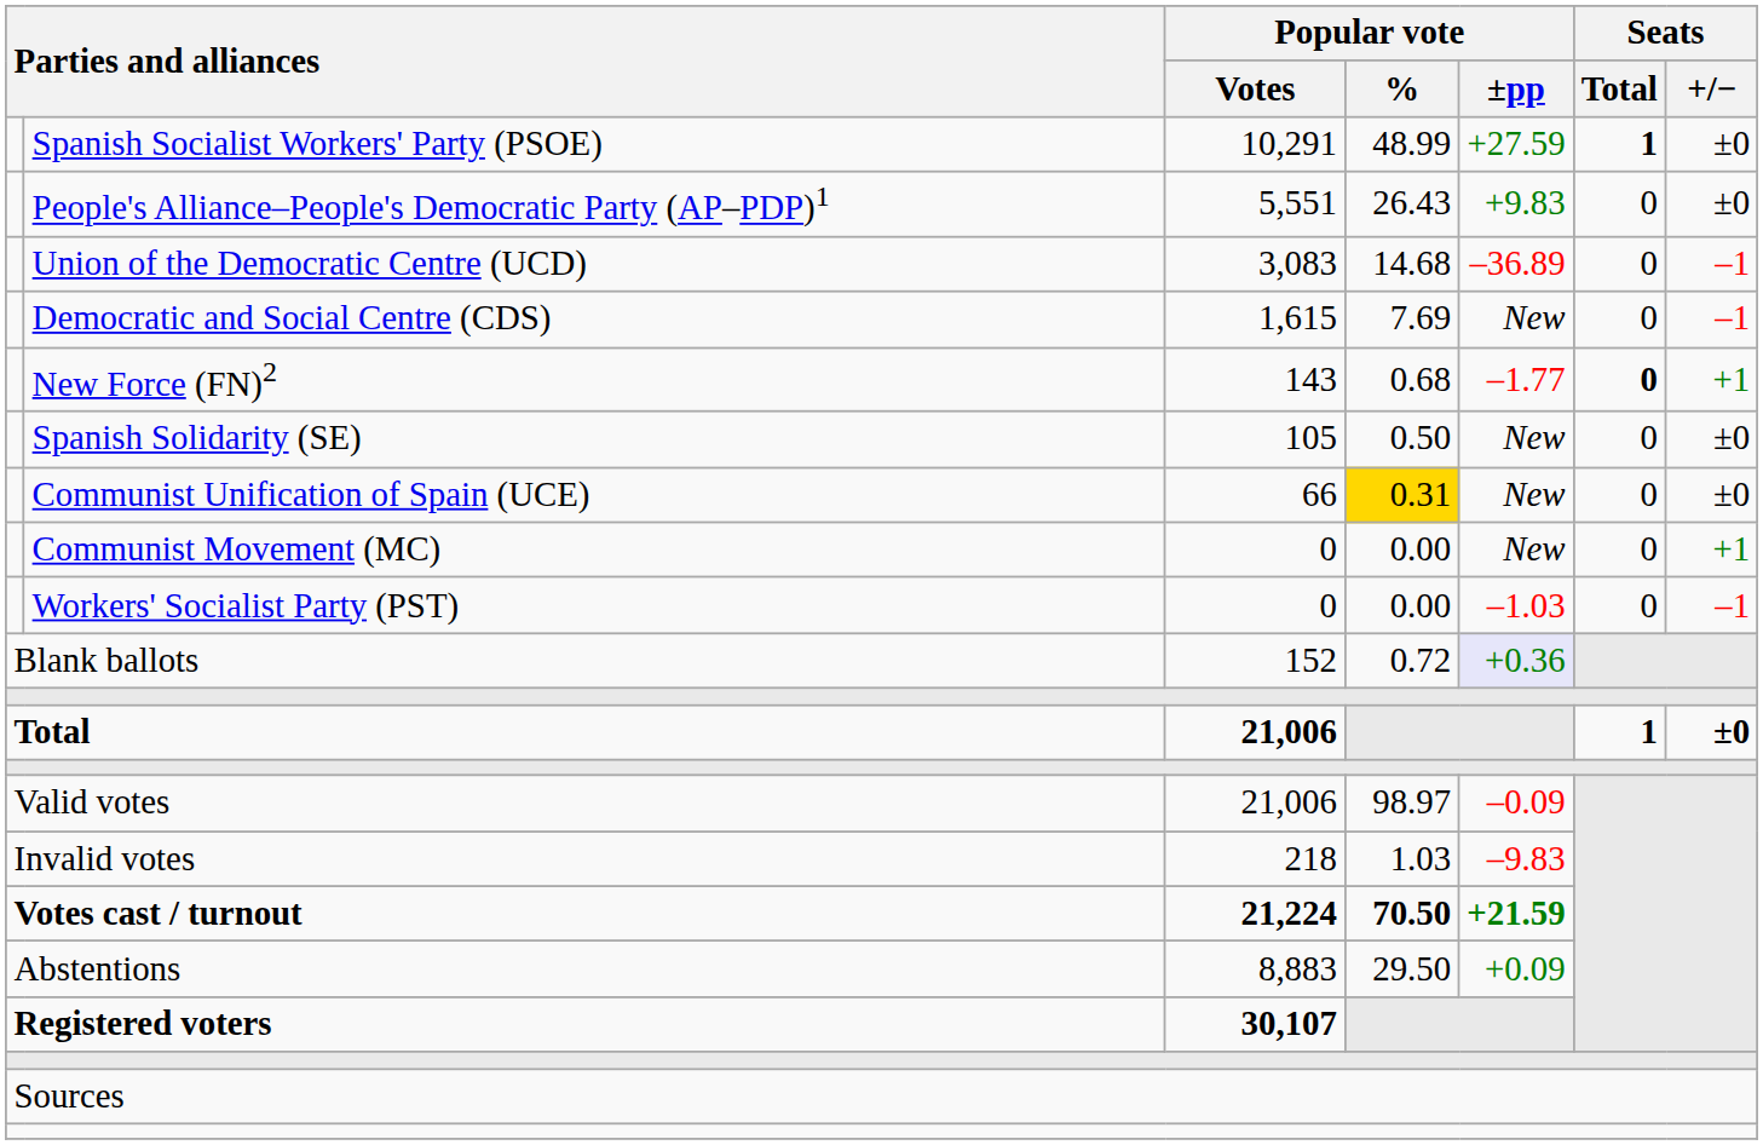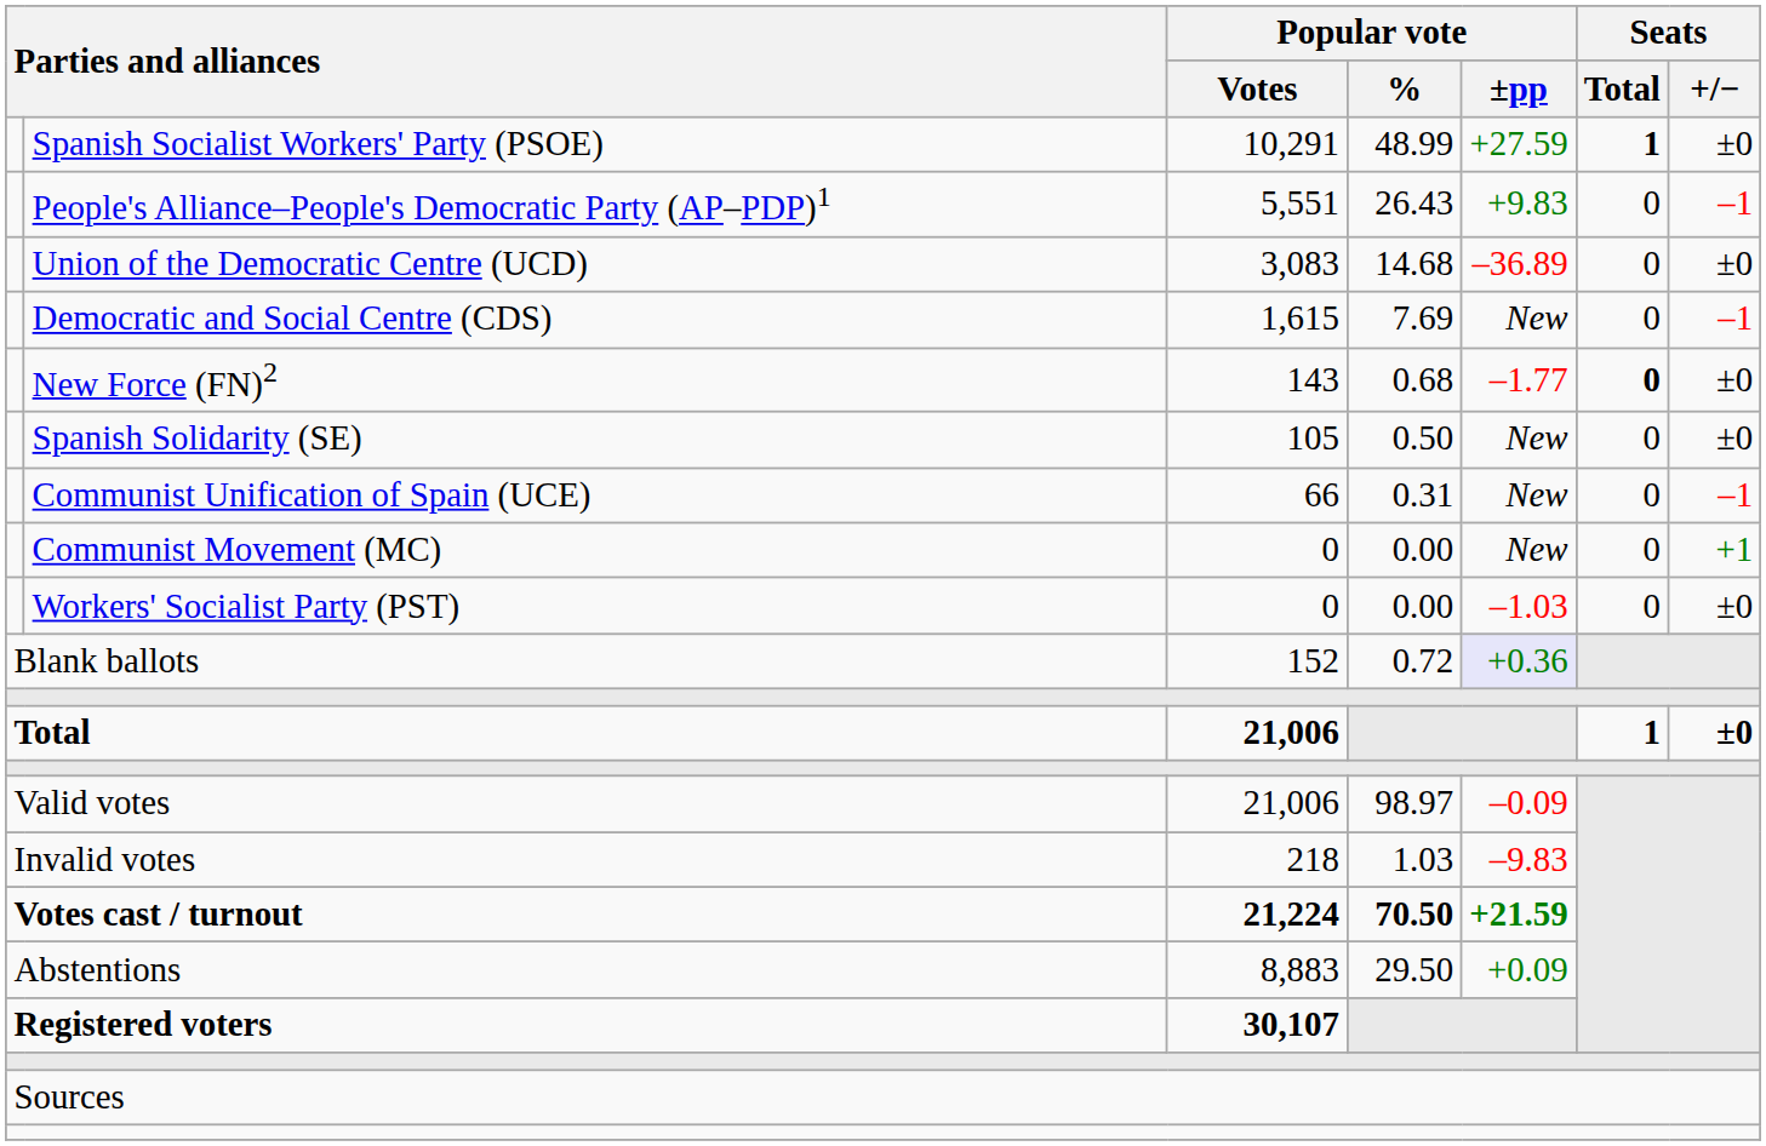 <table class="wikitable" style="text-align:right;">
 <tr>
 <th style="text-align:left;" rowspan="2" colspan="2" width="525">Parties and alliances</th>
 <th colspan="3">Popular vote</th>
 <th colspan="2">Seats</th>
 </tr>
 <tr>
 <th width="75">Votes</th>
 <th width="45">%</th>
 <th width="45">±<a href='#'>pp</a></th>
 <th width="35">Total</th>
 <th width="35">+/−</th>
 </tr>
 <tr>
 <td width="1" style="color:inherit;background:"></td>
 <td align="left"><a href='#'>Spanish Socialist Workers' Party</a> (PSOE)</td>
 <td>10,291</td>
 <td>48.99</td>
 <td style="color:green;">+27.59</td>
 <td><strong>1</strong></td>
 <td>±0</td>
 </tr>
 <tr>
 <td style="color:inherit;background:"></td>
 <td align="left"><a href='#'>People's Alliance–People's Democratic Party</a> (<a href='#'>AP</a>–<a href='#'>PDP</a>)<sup>1</sup></td>
 <td>5,551</td>
 <td>26.43</td>
 <td style="color:green;">+9.83</td>
 <td>0</td>
-<td>±0</td>
+<td style="color:red;">–1</td>
 </tr>
 <tr>
 <td style="color:inherit;background:"></td>
 <td align="left"><a href='#'>Union of the Democratic Centre</a> (UCD)</td>
 <td>3,083</td>
 <td>14.68</td>
 <td style="color:red;">–36.89</td>
 <td>0</td>
-<td style="color:red;">–1</td>
+<td>±0</td>
 </tr>
 <tr>
 <td style="color:inherit;background:"></td>
 <td align="left"><a href='#'>Democratic and Social Centre</a> (CDS)</td>
 <td>1,615</td>
 <td>7.69</td>
 <td><em>New</em></td>
 <td>0</td>
 <td style="color:red;">–1</td>
 </tr>
 <tr>
 <td style="color:inherit;background:"></td>
 <td align="left"><a href='#'>New Force</a> (FN)<sup>2</sup></td>
 <td>143</td>
 <td>0.68</td>
 <td style="color:red;">–1.77</td>
 <td><strong>0</strong></td>
-<td style="color:green;">+1</td>
+<td>±0</td>
 </tr>
 <tr>
 <td style="color:inherit;background:"></td>
 <td align="left"><a href='#'>Spanish Solidarity</a> (SE)</td>
 <td>105</td>
 <td>0.50</td>
 <td><em>New</em></td>
 <td>0</td>
 <td>±0</td>
 </tr>
 <tr>
 <td style="color:inherit;background:"></td>
 <td align="left"><a href='#'>Communist Unification of Spain</a> (UCE)</td>
 <td>66</td>
-<td style="background: gold;">0.31</td>
+<td>0.31</td>
 <td><em>New</em></td>
 <td>0</td>
-<td>±0</td>
+<td style="color:red;">–1</td>
 </tr>
 <tr>
 <td style="color:inherit;background:"></td>
 <td align="left"><a href='#'>Communist Movement</a> (MC)</td>
 <td>0</td>
 <td>0.00</td>
 <td><em>New</em></td>
 <td>0</td>
 <td style="color:green;">+1</td>
 </tr>
 <tr>
 <td style="color:inherit;background:"></td>
 <td align="left"><a href='#'>Workers' Socialist Party</a> (PST)</td>
 <td>0</td>
 <td>0.00</td>
 <td style="color:red;">–1.03</td>
 <td>0</td>
-<td style="color:red;">–1</td>
+<td>±0</td>
 </tr>
 <tr>
 <td align="left" colspan="2">Blank ballots</td>
 <td>152</td>
 <td>0.72</td>
 <td style="background: lavender; color:green;">+0.36</td>
 <td bgcolor="#E9E9E9" colspan="2"></td>
 </tr>
 <tr>
 <td colspan="7" bgcolor="#E9E9E9"></td>
 </tr>
 <tr style="font-weight:bold;">
 <td align="left" colspan="2">Total</td>
 <td>21,006</td>
 <td bgcolor="#E9E9E9" colspan="2"></td>
 <td>1</td>
 <td>±0</td>
 </tr>
 <tr>
 <td colspan="7" bgcolor="#E9E9E9"></td>
 </tr>
 <tr>
 <td align="left" colspan="2">Valid votes</td>
 <td>21,006</td>
 <td>98.97</td>
 <td style="color:red;">–0.09</td>
 <td bgcolor="#E9E9E9" colspan="2" rowspan="5"></td>
 </tr>
 <tr>
 <td align="left" colspan="2">Invalid votes</td>
 <td>218</td>
 <td>1.03</td>
 <td style="color:red;">–9.83</td>
 </tr>
 <tr style="font-weight:bold;">
 <td align="left" colspan="2">Votes cast / turnout</td>
 <td>21,224</td>
 <td>70.50</td>
 <td style="color:green;">+21.59</td>
 </tr>
 <tr>
 <td align="left" colspan="2">Abstentions</td>
 <td>8,883</td>
 <td>29.50</td>
 <td style="color:green;">+0.09</td>
 </tr>
 <tr style="font-weight:bold;">
 <td align="left" colspan="2">Registered voters</td>
 <td>30,107</td>
 <td bgcolor="#E9E9E9" colspan="2"></td>
 </tr>
 <tr>
 <td colspan="7" bgcolor="#E9E9E9"></td>
 </tr>
 <tr>
 <td align="left" colspan="7">Sources</td>
 </tr>
 <tr>
 <td colspan="7" style="text-align:left; max-width:790px;"></td>
 </tr>
 </table>
